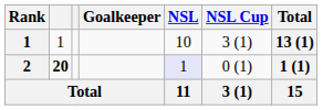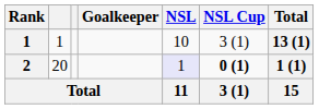 <table class="wikitable sortable" style="text-align:center">
 <tr>
 <th>Rank</th>
 <th></th>
 <th></th>
 <th>Goalkeeper</th>
 <th><a href='#'>NSL</a></th>
 <th><a href='#'>NSL Cup</a></th>
 <th>Total</th>
 </tr>
 <tr>
 <th>1</th>
 <td>1</td>
 <td></td>
 <td align="left"></td>
 <td>10</td>
 <td>3 (1)</td>
 <th>13 (1)</th>
 </tr>
 <tr>
 <th>2</th>
-<td><strong>20</strong></td>
+<td>20</td>
 <td></td>
 <td align="left"></td>
 <td style="background: lavender;">1</td>
-<td>0 (1)</td>
+<td><strong>0 (1)</strong></td>
 <th>1 (1)</th>
 </tr>
 <tr>
 <th colspan="4">Total</th>
 <th>11</th>
 <th>3 (1)</th>
 <th>15</th>
 </tr>
 </table>
